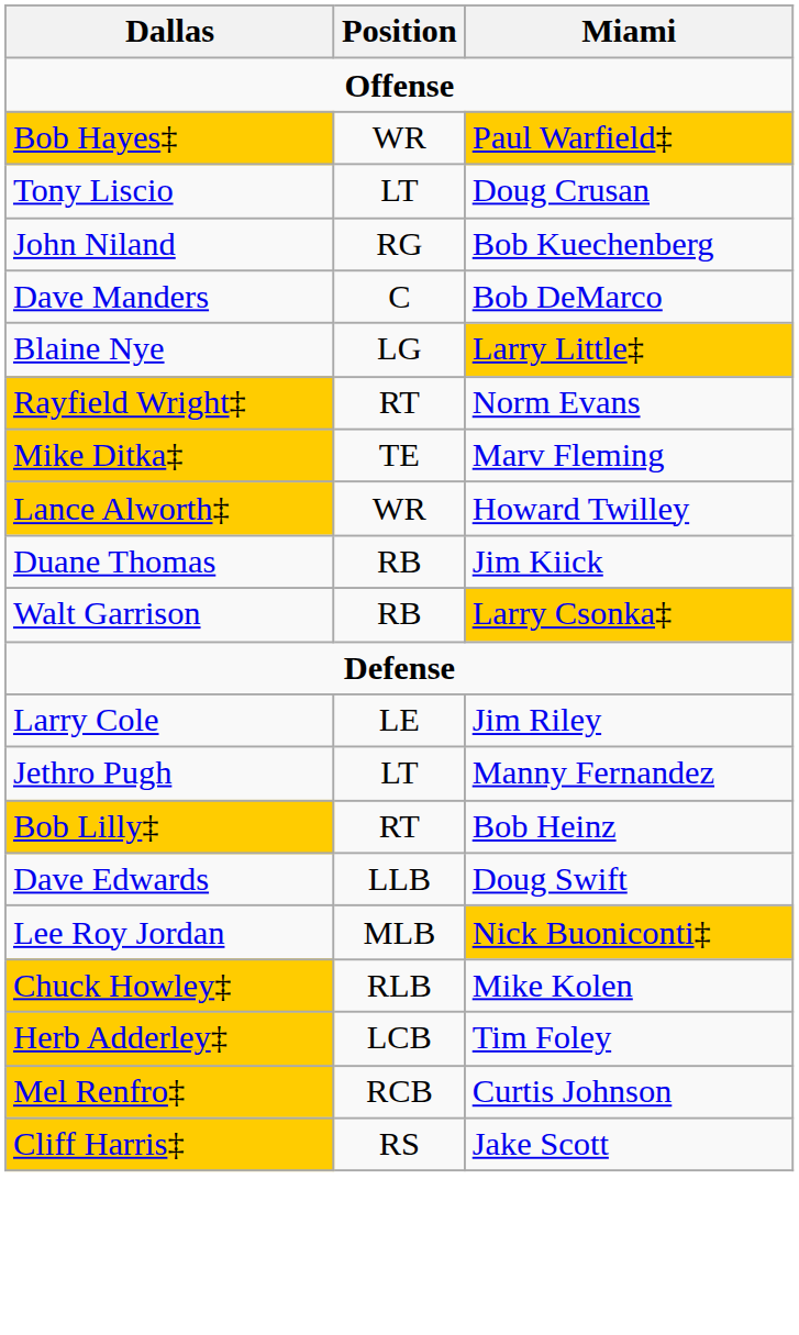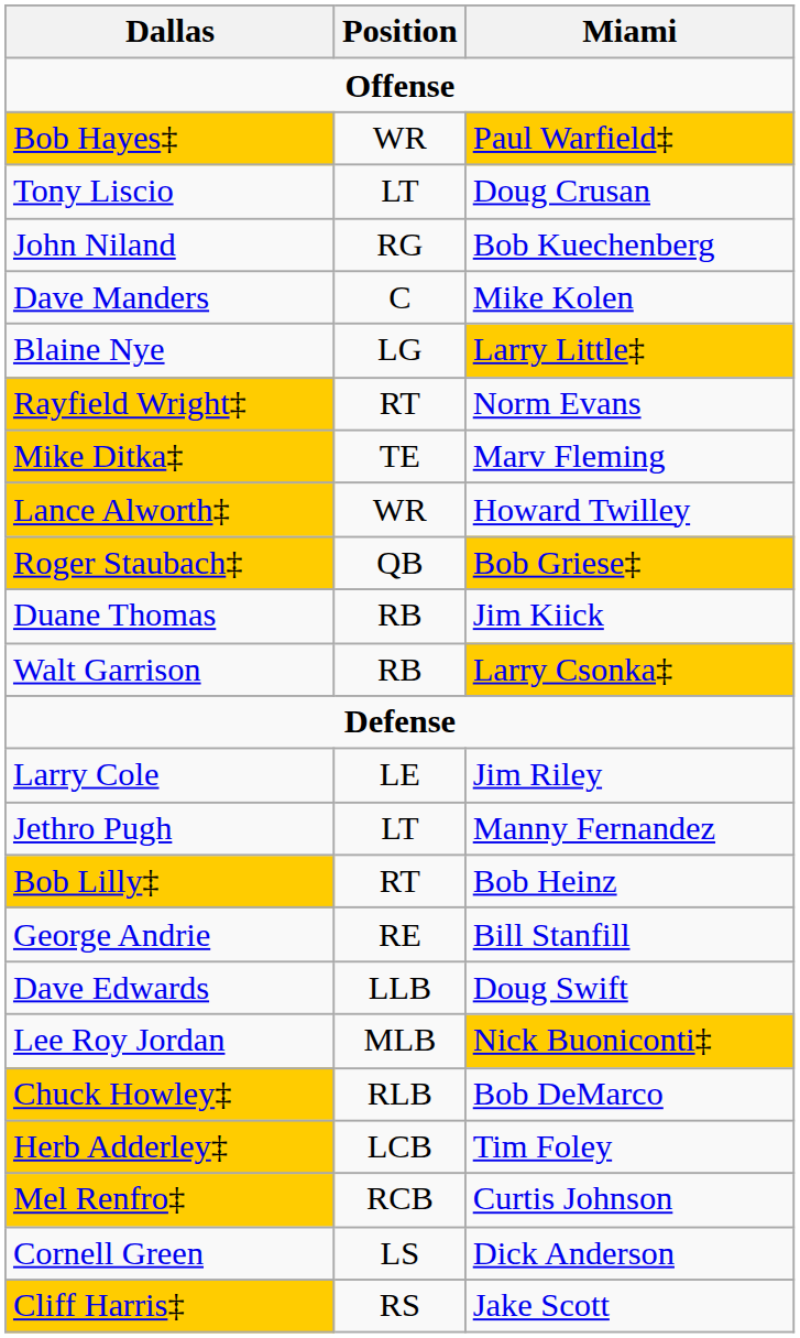 <table class="wikitable">
 <tr>
 <th width="150px">Dallas</th>
 <th>Position</th>
 <th width="150px">Miami</th>
 </tr>
 <tr>
 <td colspan="3" style="text-align:center;"><strong>Offense</strong></td>
 </tr>
 <tr>
 <td bgcolor="#FFCC00"><a href='#'>Bob Hayes</a>‡</td>
 <td style="text-align:center;">WR</td>
 <td bgcolor="#FFCC00"><a href='#'>Paul Warfield</a>‡</td>
 </tr>
 <tr>
 <td><a href='#'>Tony Liscio</a></td>
 <td style="text-align:center;">LT</td>
 <td><a href='#'>Doug Crusan</a></td>
 </tr>
 <tr>
 <td><a href='#'>John Niland</a></td>
 <td style="text-align:center;">RG</td>
 <td><a href='#'>Bob Kuechenberg</a></td>
 </tr>
 <tr>
 <td><a href='#'>Dave Manders</a></td>
 <td style="text-align:center;">C</td>
-<td><a href='#'>Bob DeMarco</a></td>
+<td><a href='#'>Mike Kolen</a></td>
 </tr>
 <tr>
 <td><a href='#'>Blaine Nye</a></td>
 <td style="text-align:center;">LG</td>
 <td bgcolor="#FFCC00"><a href='#'>Larry Little</a>‡</td>
 </tr>
 <tr>
 <td bgcolor="#FFCC00"><a href='#'>Rayfield Wright</a>‡</td>
 <td style="text-align:center;">RT</td>
 <td><a href='#'>Norm Evans</a></td>
 </tr>
 <tr>
 <td bgcolor="#FFCC00"><a href='#'>Mike Ditka</a>‡</td>
 <td style="text-align:center;">TE</td>
 <td><a href='#'>Marv Fleming</a></td>
 </tr>
 <tr>
 <td bgcolor="#FFCC00"><a href='#'>Lance Alworth</a>‡</td>
 <td style="text-align:center;">WR</td>
 <td><a href='#'>Howard Twilley</a></td>
+</tr>
+<tr>
+<td bgcolor="#FFCC00"><a href='#'>Roger Staubach</a>‡</td>
+<td style="text-align:center;">QB</td>
+<td bgcolor="#FFCC00"><a href='#'>Bob Griese</a>‡</td>
 </tr>
 <tr>
 <td><a href='#'>Duane Thomas</a></td>
 <td style="text-align:center;">RB</td>
 <td><a href='#'>Jim Kiick</a></td>
 </tr>
 <tr>
 <td><a href='#'>Walt Garrison</a></td>
 <td style="text-align:center;">RB</td>
 <td bgcolor="#FFCC00"><a href='#'>Larry Csonka</a>‡</td>
 </tr>
 <tr>
 <td colspan="3" style="text-align:center;"><strong>Defense</strong></td>
 </tr>
 <tr>
 <td><a href='#'>Larry Cole</a></td>
 <td style="text-align:center;">LE</td>
 <td><a href='#'>Jim Riley</a></td>
 </tr>
 <tr>
 <td><a href='#'>Jethro Pugh</a></td>
 <td style="text-align:center;">LT</td>
 <td><a href='#'>Manny Fernandez</a></td>
 </tr>
 <tr>
 <td bgcolor="#FFCC00"><a href='#'>Bob Lilly</a>‡</td>
 <td style="text-align:center;">RT</td>
 <td><a href='#'>Bob Heinz</a></td>
 </tr>
 <tr>
+<td><a href='#'>George Andrie</a></td>
+<td style="text-align:center;">RE</td>
+<td><a href='#'>Bill Stanfill</a></td>
+</tr>
+<tr>
 <td><a href='#'>Dave Edwards</a></td>
 <td style="text-align:center;">LLB</td>
 <td><a href='#'>Doug Swift</a></td>
 </tr>
 <tr>
 <td><a href='#'>Lee Roy Jordan</a></td>
 <td style="text-align:center;">MLB</td>
 <td bgcolor="#FFCC00"><a href='#'>Nick Buoniconti</a>‡</td>
 </tr>
 <tr>
 <td bgcolor="#FFCC00"><a href='#'>Chuck Howley</a>‡</td>
 <td style="text-align:center;">RLB</td>
-<td><a href='#'>Mike Kolen</a></td>
+<td><a href='#'>Bob DeMarco</a></td>
 </tr>
 <tr>
 <td bgcolor="#FFCC00"><a href='#'>Herb Adderley</a>‡</td>
 <td style="text-align:center;">LCB</td>
 <td><a href='#'>Tim Foley</a></td>
 </tr>
 <tr>
 <td bgcolor="#FFCC00"><a href='#'>Mel Renfro</a>‡</td>
 <td style="text-align:center;">RCB</td>
 <td><a href='#'>Curtis Johnson</a></td>
 </tr>
 <tr>
+<td><a href='#'>Cornell Green</a></td>
+<td style="text-align:center;">LS</td>
+<td><a href='#'>Dick Anderson</a></td>
+</tr>
+<tr>
 <td bgcolor="#FFCC00"><a href='#'>Cliff Harris</a>‡</td>
 <td style="text-align:center;">RS</td>
 <td><a href='#'>Jake Scott</a></td>
 </tr>
 </table>
